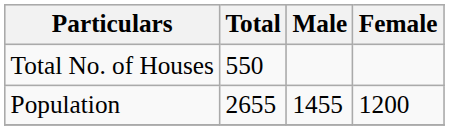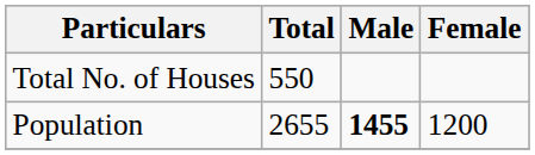 <table class="wikitable sortable">
 <tr>
 <th>Particulars</th>
 <th>Total</th>
 <th>Male</th>
 <th>Female</th>
 </tr>
 <tr>
 <td>Total No. of Houses</td>
 <td>550</td>
 <td></td>
 <td></td>
 </tr>
 <tr>
 <td>Population</td>
 <td>2655</td>
-<td>1455</td>
+<td><strong>1455</strong></td>
 <td>1200</td>
 </tr>
 <tr>
 </tr>
 </table>
